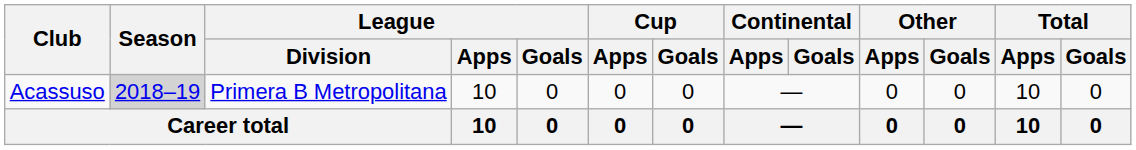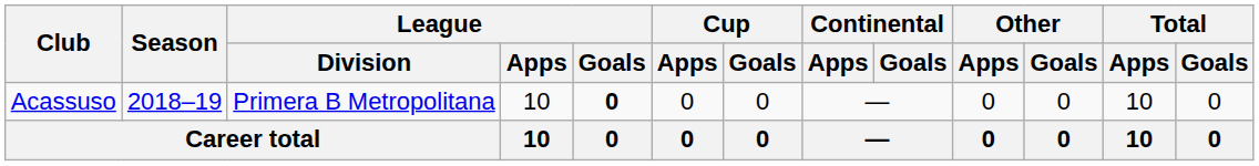 <table class="wikitable" style="text-align:center">
 <tr>
 <th rowspan="2">Club</th>
 <th rowspan="2">Season</th>
 <th colspan="3">League</th>
 <th colspan="2">Cup</th>
 <th colspan="2">Continental</th>
 <th colspan="2">Other</th>
 <th colspan="2">Total</th>
 </tr>
 <tr>
 <th>Division</th>
 <th>Apps</th>
 <th>Goals</th>
 <th>Apps</th>
 <th>Goals</th>
 <th>Apps</th>
 <th>Goals</th>
 <th>Apps</th>
 <th>Goals</th>
 <th>Apps</th>
 <th>Goals</th>
 </tr>
 <tr>
 <td rowspan="1"><a href='#'>Acassuso</a></td>
-<td style="background: lightgrey;"><a href='#'>2018–19</a></td>
+<td><a href='#'>2018–19</a></td>
 <td rowspan="1"><a href='#'>Primera B Metropolitana</a></td>
 <td>10</td>
-<td>0</td>
+<td><strong>0</strong></td>
 <td>0</td>
 <td>0</td>
 <td colspan="2">—</td>
 <td>0</td>
 <td>0</td>
 <td>10</td>
 <td>0</td>
 </tr>
 <tr>
 <th colspan="3">Career total</th>
 <th>10</th>
 <th>0</th>
 <th>0</th>
 <th>0</th>
 <th colspan="2">—</th>
 <th>0</th>
 <th>0</th>
 <th>10</th>
 <th>0</th>
 </tr>
 </table>
